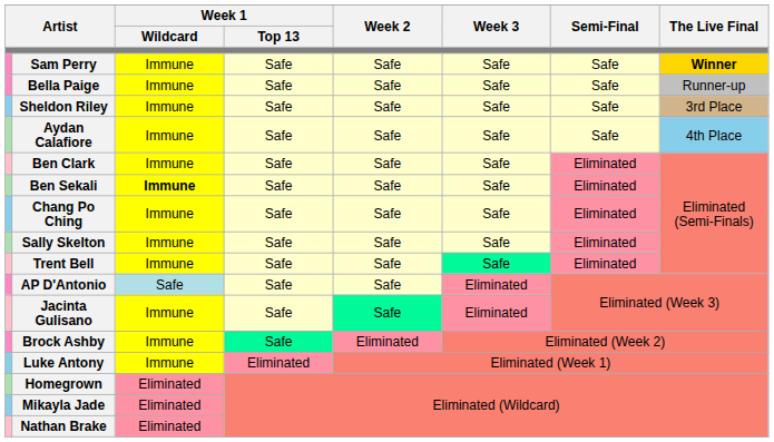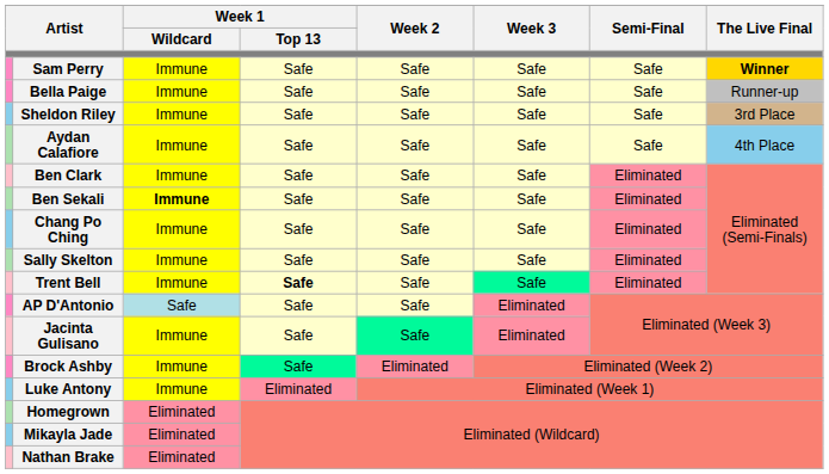 <table class="wikitable"  style="text-align:center; font-size:95%; width:auto;">
 <tr>
 </tr>
 <tr>
 <th style="width:12%;" colspan="2" rowspan="2">Artist</th>
 <th Colspan="2" style="width:12%;">Week 1</th>
 <th rowspan="2" style="width:12%;">Week 2</th>
 <th rowspan="2" style="width:12%;">Week 3</th>
 <th Rowspan="2" style="width:12%;">Semi-Final</th>
 <th colspan="2" rowspan="2" style="width:12%;">The Live Final</th>
 </tr>
 <tr>
 <th style="width:12%;">Wildcard</th>
 <th style="width:12%;">Top 13</th>
 </tr>
 <tr>
 <th colspan="11" style="background:gray;"></th>
 </tr>
 <tr>
 <th style="background: #FF87C3"></th>
 <th>Sam Perry</th>
 <td bgcolor="yellow">Immune</td>
 <td style="background:#FFFFCC;">Safe</td>
 <td style="background:#FFFFCC;">Safe</td>
 <td style="background:#FFFFCC;">Safe</td>
 <td style="background:#FFFFCC;">Safe</td>
 <td style="background:gold;"><strong>Winner</strong></td>
 </tr>
 <tr>
 <th style="background: #FF87C3"></th>
 <th>Bella Paige</th>
 <td bgcolor="yellow">Immune</td>
 <td style="background:#FFFFCC;">Safe</td>
 <td style="background:#FFFFCC;">Safe</td>
 <td style="background:#FFFFCC;">Safe</td>
 <td style="background:#FFFFCC;">Safe</td>
 <td style="background:silver;">Runner-up</td>
 </tr>
 <tr>
 <th style="background:#87ceeb;"></th>
 <th>Sheldon Riley</th>
 <td bgcolor="yellow">Immune</td>
 <td style="background:#FFFFCC;">Safe</td>
 <td style="background:#FFFFCC;">Safe</td>
 <td style="background:#FFFFCC;">Safe</td>
 <td style="background:#FFFFCC;">Safe</td>
 <td style="background:tan;">3rd Place</td>
 </tr>
 <tr>
 <th style="background: #ace1af"></th>
 <th>Aydan Calafiore</th>
 <td bgcolor="yellow">Immune</td>
 <td style="background:#FFFFCC;">Safe</td>
 <td style="background:#FFFFCC;">Safe</td>
 <td style="background:#FFFFCC;">Safe</td>
 <td style="background:#FFFFCC;">Safe</td>
 <td style="background:skyblue;">4th Place</td>
 </tr>
 <tr>
 <th style="background: pink;"></th>
 <th>Ben Clark</th>
 <td bgcolor="yellow">Immune</td>
 <td style="background:#FFFFCC;">Safe</td>
 <td style="background:#FFFFCC;">Safe</td>
 <td style="background:#FFFFCC;">Safe</td>
 <td style="background:#FF91A4;">Eliminated</td>
 <td rowspan="5" colspan="2" style="background:salmon;">Eliminated (Semi-Finals)</td>
 </tr>
 <tr>
 <th style="background: #ace1af"></th>
 <th>Ben Sekali</th>
 <td bgcolor="yellow"><strong>Immune</strong></td>
 <td style="background:#FFFFCC;">Safe</td>
 <td style="background:#FFFFCC;">Safe</td>
 <td style="background:#FFFFCC;">Safe</td>
 <td style="background:#FF91A4;">Eliminated</td>
 </tr>
 <tr>
 <th style="background:#87ceeb;"></th>
 <th>Chang Po Ching</th>
 <td bgcolor="yellow">Immune</td>
 <td style="background:#FFFFCC;">Safe</td>
 <td style="background:#FFFFCC;">Safe</td>
 <td style="background:#FFFFCC;">Safe</td>
 <td style="background:#FF91A4;">Eliminated</td>
 </tr>
 <tr>
 <th style="background: #ace1af"></th>
 <th>Sally Skelton</th>
 <td bgcolor="yellow">Immune</td>
 <td style="background:#FFFFCC;">Safe</td>
 <td style="background:#FFFFCC;">Safe</td>
 <td style="background:#FFFFCC;">Safe</td>
 <td style="background:#FF91A4;">Eliminated</td>
 </tr>
 <tr>
 <th style="background: pink;"></th>
 <th>Trent Bell</th>
 <td bgcolor="yellow">Immune</td>
-<td style="background:#FFFFCC;">Safe</td>
+<td style="background:#FFFFCC;"><strong>Safe</strong></td>
 <td style="background:#FFFFCC;">Safe</td>
 <td style="background:#00FA9A;">Safe</td>
 <td style="background:#FF91A4;">Eliminated</td>
 </tr>
 <tr>
 <th style="background: #FF87C3"></th>
 <th>AP D'Antonio</th>
 <td style="background:#B0E0E6;">Safe</td>
 <td style="background:#FFFFCC;">Safe</td>
 <td style="background:#FFFFCC;">Safe</td>
 <td style="background:#FF91A4;">Eliminated</td>
 <td rowspan="2" colspan="6" style="background:salmon;">Eliminated (Week 3)</td>
 </tr>
 <tr>
 <th style="background: pink;"></th>
 <th>Jacinta Gulisano</th>
 <td bgcolor="yellow">Immune</td>
 <td style="background:#FFFFCC;">Safe</td>
 <td style="background:#00FA9A;">Safe</td>
 <td style="background:#FF91A4;">Eliminated</td>
 </tr>
 <tr>
 <th style="background: #FF87C3"></th>
 <th>Brock Ashby</th>
 <td bgcolor="yellow">Immune</td>
 <td style="background:#00FA9A;">Safe</td>
 <td style="background:#FF91A4;">Eliminated</td>
 <td colspan="4" style="background:salmon;">Eliminated (Week 2)</td>
 </tr>
 <tr>
 <th style="background:#87ceeb;"></th>
 <th>Luke Antony</th>
 <td bgcolor="yellow">Immune</td>
 <td style="background:#FF91A4;">Eliminated</td>
 <td colspan="5" style="background:salmon;">Eliminated (Week 1)</td>
 </tr>
 <tr>
 <th style="background: #ace1af"></th>
 <th>Homegrown</th>
 <td style="background:#FF91A4;">Eliminated</td>
 <td rowspan="3" colspan="6" style="background:salmon;">Eliminated (Wildcard)</td>
 </tr>
 <tr>
 <th style="background:#87ceeb;"></th>
 <th>Mikayla Jade</th>
 <td style="background:#FF91A4;">Eliminated</td>
 </tr>
 <tr>
 <th style="background: pink;"></th>
 <th>Nathan Brake</th>
 <td style="background:#FF91A4;">Eliminated</td>
 </tr>
 </table>
